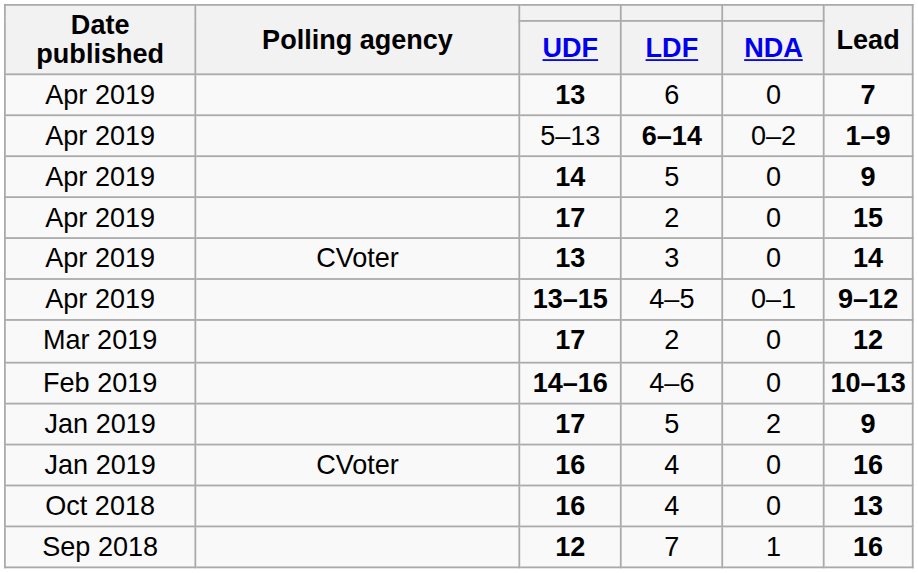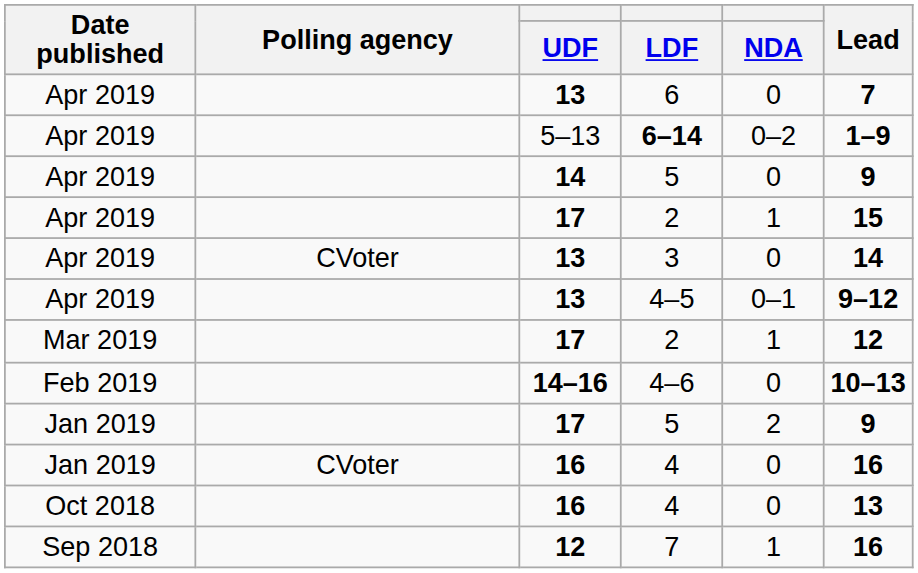 <table class="wikitable sortable" style="text-align:center;font-size:95%;line-height:16px">
 <tr>
 <th width="100" rowspan="2">Date published</th>
 <th width="175" rowspan="2">Polling agency</th>
 <th style="background:"></th>
 <th style="background:"></th>
 <th style="background:"></th>
 <th rowspan="2">Lead</th>
 </tr>
 <tr>
 <th width="50" class="unsortable "><a href='#'>UDF</a></th>
 <th width="50" class="unsortable "><a href='#'>LDF</a></th>
 <th width="50" class="unsortable "><a href='#'>NDA</a></th>
 </tr>
 <tr>
 <td>Apr 2019</td>
 <td></td>
 <td style="background:"><strong>13</strong></td>
 <td>6</td>
 <td>0</td>
 <td style="background:"><span><strong>7</strong></span></td>
 </tr>
 <tr>
 <td>Apr 2019</td>
 <td></td>
 <td>5–13</td>
 <td style="background:"><strong>6–14</strong></td>
 <td>0–2</td>
 <td style="background:"><span><strong>1–9</strong></span></td>
 </tr>
 <tr>
 <td>Apr 2019</td>
 <td> </td>
 <td style="background:"><strong>14</strong></td>
 <td>5</td>
 <td>0</td>
 <td style="background:"><span><strong>9</strong></span></td>
 </tr>
 <tr>
 <td>Apr 2019</td>
 <td></td>
 <td style="background:"><strong>17</strong></td>
 <td>2</td>
-<td>0</td>
+<td>1</td>
 <td style="background:"><span><strong>15</strong></span></td>
 </tr>
 <tr>
 <td>Apr 2019</td>
 <td>CVoter</td>
 <td style="background:"><strong>13</strong></td>
 <td>3</td>
 <td>0</td>
 <td style="background:"><span><strong>14</strong></span></td>
 </tr>
 <tr>
 <td>Apr 2019</td>
 <td></td>
-<td style="background:"><strong>13–15</strong></td>
+<td style="background:"><strong>13</strong></td>
 <td>4–5</td>
 <td>0–1</td>
 <td style="background:"><span><strong>9–12</strong></span></td>
 </tr>
 <tr>
 <td>Mar 2019</td>
 <td></td>
 <td style="background:"><strong>17</strong></td>
 <td>2</td>
-<td>0</td>
+<td>1</td>
 <td style="background:"><span><strong>12</strong></span></td>
 </tr>
 <tr>
 <td>Feb 2019</td>
 <td></td>
 <td style="background:"><strong>14–16</strong></td>
 <td>4–6</td>
 <td>0</td>
 <td style="background:"><span><strong>10–13</strong></span></td>
 </tr>
 <tr>
 <td>Jan 2019</td>
 <td></td>
 <td style="background:"><strong>17</strong></td>
 <td>5</td>
 <td>2</td>
 <td style="background:"><span><strong>9</strong></span></td>
 </tr>
 <tr>
 <td>Jan 2019</td>
 <td>CVoter</td>
 <td style="background:"><strong>16</strong></td>
 <td>4</td>
 <td>0</td>
 <td style="background:"><span><strong>16</strong></span></td>
 </tr>
 <tr>
 <td>Oct 2018</td>
 <td></td>
 <td style="background:"><strong>16</strong></td>
 <td>4</td>
 <td>0</td>
 <td style="background:"><span><strong>13</strong></span></td>
 </tr>
 <tr>
 <td>Sep 2018</td>
 <td></td>
 <td style="background:"><strong>12</strong></td>
 <td>7</td>
 <td>1</td>
 <td style="background:"><span><strong>16</strong></span></td>
 </tr>
 </table>
